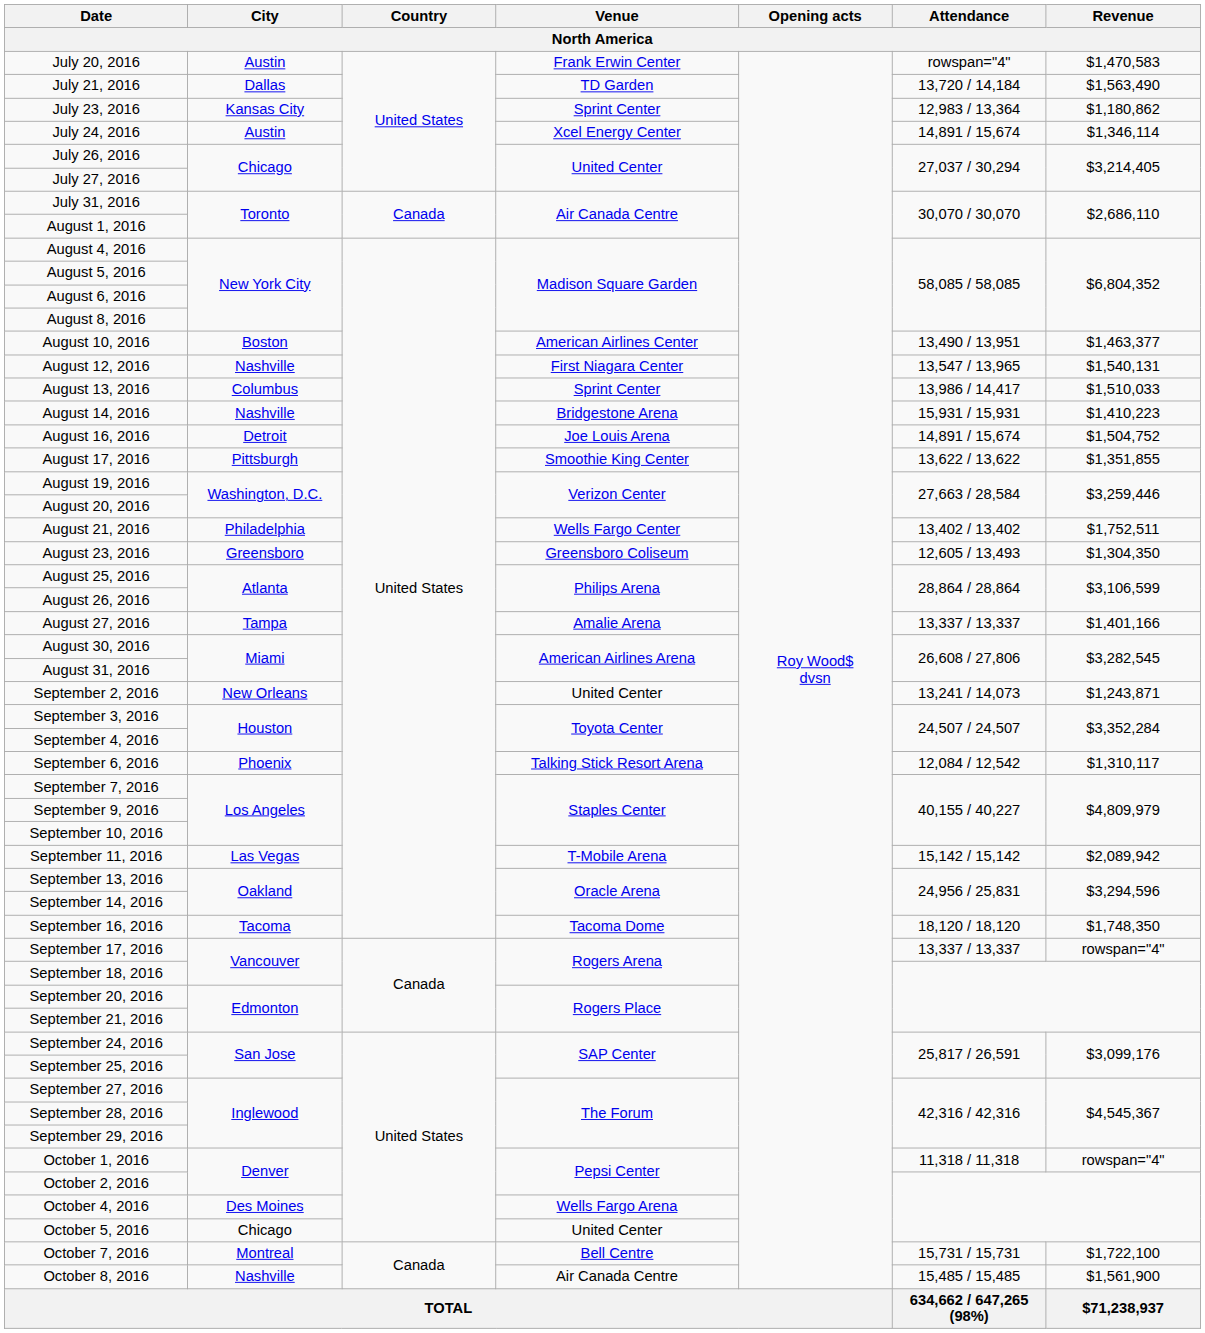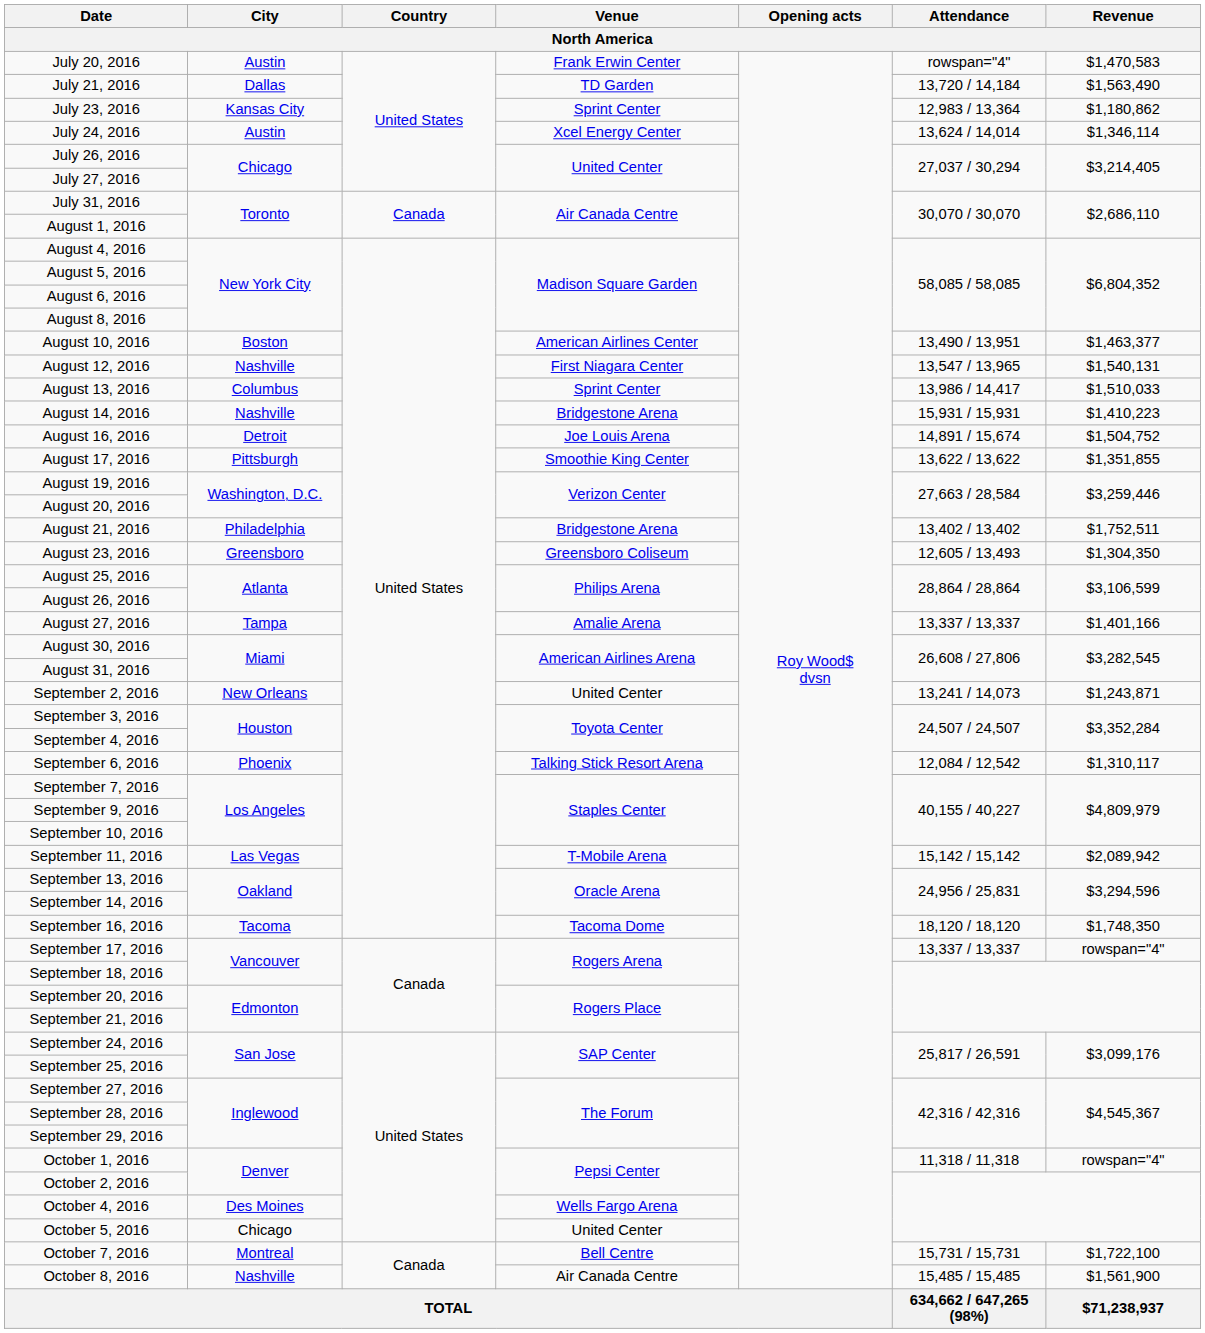 <table class="wikitable" style="text-align:center;">
 <tr>
 <th scope="col" style="width:12em;">Date</th>
 <th scope="col" style="width:10em;">City</th>
 <th scope="col" style="width:10em;">Country</th>
 <th scope="col" style="width:16em;">Venue</th>
 <th scope="col" style="width:10em;">Opening acts</th>
 <th scope="col" style="width:10em;">Attendance</th>
 <th scope="col" style="width:10em;">Revenue</th>
 </tr>
 <tr>
 <th colspan="7" style="text-align:center;"><strong>North America</strong></th>
 </tr>
 <tr>
 <td>July 20, 2016</td>
 <td><a href='#'>Austin</a></td>
 <td rowspan="6"><a href='#'>United States</a></td>
 <td><a href='#'>Frank Erwin Center</a></td>
 <td rowspan="53"><a href='#'>Roy Wood$</a><br><a href='#'>dvsn</a></td>
 <td>rowspan="4" </td>
 <td>$1,470,583</td>
 </tr>
 <tr>
 <td>July 21, 2016</td>
 <td><a href='#'>Dallas</a></td>
 <td><a href='#'>TD Garden</a></td>
 <td>13,720 / 14,184</td>
 <td>$1,563,490</td>
 </tr>
 <tr>
 <td>July 23, 2016</td>
 <td><a href='#'>Kansas City</a></td>
 <td><a href='#'>Sprint Center</a></td>
 <td>12,983 / 13,364</td>
 <td>$1,180,862</td>
 </tr>
 <tr>
 <td>July 24, 2016</td>
 <td><a href='#'>Austin</a></td>
 <td><a href='#'>Xcel Energy Center</a></td>
-<td>14,891 / 15,674</td>
+<td>13,624 / 14,014</td>
 <td>$1,346,114</td>
 </tr>
 <tr>
 <td>July 26, 2016</td>
 <td rowspan="2"><a href='#'>Chicago</a></td>
 <td rowspan="2"><a href='#'>United Center</a></td>
 <td rowspan="2">27,037 / 30,294</td>
 <td rowspan="2">$3,214,405</td>
 </tr>
 <tr>
 <td>July 27, 2016</td>
 </tr>
 <tr>
 <td>July 31, 2016</td>
 <td rowspan="2"><a href='#'>Toronto</a></td>
 <td rowspan="2"><a href='#'>Canada</a></td>
 <td rowspan="2"><a href='#'>Air Canada Centre</a></td>
 <td rowspan="2">30,070 / 30,070</td>
 <td rowspan="2">$2,686,110</td>
 </tr>
 <tr>
 <td>August 1, 2016</td>
 </tr>
 <tr>
 <td>August 4, 2016</td>
 <td rowspan="4"><a href='#'>New York City</a></td>
 <td rowspan="30">United States</td>
 <td rowspan="4"><a href='#'>Madison Square Garden</a></td>
 <td rowspan="4">58,085 / 58,085</td>
 <td rowspan="4">$6,804,352</td>
 </tr>
 <tr>
 <td>August 5, 2016</td>
 </tr>
 <tr>
 <td>August 6, 2016</td>
 </tr>
 <tr>
 <td>August 8, 2016</td>
 </tr>
 <tr>
 <td>August 10, 2016</td>
 <td><a href='#'>Boston</a></td>
 <td><a href='#'>American Airlines Center</a></td>
 <td>13,490 / 13,951</td>
 <td>$1,463,377</td>
 </tr>
 <tr>
 <td>August 12, 2016</td>
 <td><a href='#'>Nashville</a></td>
 <td><a href='#'>First Niagara Center</a></td>
 <td>13,547 / 13,965</td>
 <td>$1,540,131</td>
 </tr>
 <tr>
 <td>August 13, 2016</td>
 <td><a href='#'>Columbus</a></td>
 <td><a href='#'>Sprint Center</a></td>
 <td>13,986 / 14,417</td>
 <td>$1,510,033</td>
 </tr>
 <tr>
 <td>August 14, 2016</td>
 <td><a href='#'>Nashville</a></td>
 <td><a href='#'>Bridgestone Arena</a></td>
 <td>15,931 / 15,931</td>
 <td>$1,410,223</td>
 </tr>
 <tr>
 <td>August 16, 2016</td>
 <td><a href='#'>Detroit</a></td>
 <td><a href='#'>Joe Louis Arena</a></td>
 <td>14,891 / 15,674</td>
 <td>$1,504,752</td>
 </tr>
 <tr>
 <td>August 17, 2016</td>
 <td><a href='#'>Pittsburgh</a></td>
 <td><a href='#'>Smoothie King Center</a></td>
 <td>13,622 / 13,622</td>
 <td>$1,351,855</td>
 </tr>
 <tr>
 <td>August 19, 2016</td>
 <td rowspan="2"><a href='#'>Washington, D.C.</a></td>
 <td rowspan="2"><a href='#'>Verizon Center</a></td>
 <td rowspan="2">27,663 / 28,584</td>
 <td rowspan="2">$3,259,446</td>
 </tr>
 <tr>
 <td>August 20, 2016</td>
 </tr>
 <tr>
 <td>August 21, 2016</td>
 <td><a href='#'>Philadelphia</a></td>
-<td><a href='#'>Wells Fargo Center</a></td>
+<td><a href='#'>Bridgestone Arena</a></td>
 <td>13,402 / 13,402</td>
 <td>$1,752,511</td>
 </tr>
 <tr>
 <td>August 23, 2016</td>
 <td><a href='#'>Greensboro</a></td>
 <td><a href='#'>Greensboro Coliseum</a></td>
 <td>12,605 / 13,493</td>
 <td>$1,304,350</td>
 </tr>
 <tr>
 <td>August 25, 2016</td>
 <td rowspan="2"><a href='#'>Atlanta</a></td>
 <td rowspan="2"><a href='#'>Philips Arena</a></td>
 <td rowspan="2">28,864 / 28,864</td>
 <td rowspan="2">$3,106,599</td>
 </tr>
 <tr>
 <td>August 26, 2016</td>
 </tr>
 <tr>
 <td>August 27, 2016</td>
 <td><a href='#'>Tampa</a></td>
 <td><a href='#'>Amalie Arena</a></td>
 <td>13,337 / 13,337</td>
 <td>$1,401,166</td>
 </tr>
 <tr>
 <td>August 30, 2016</td>
 <td rowspan="2"><a href='#'>Miami</a></td>
 <td rowspan="2"><a href='#'>American Airlines Arena</a></td>
 <td rowspan="2">26,608 / 27,806</td>
 <td rowspan="2">$3,282,545</td>
 </tr>
 <tr>
 <td>August 31, 2016</td>
 </tr>
 <tr>
 <td>September 2, 2016</td>
 <td><a href='#'>New Orleans</a></td>
 <td>United Center</td>
 <td>13,241 / 14,073</td>
 <td>$1,243,871</td>
 </tr>
 <tr>
 <td>September 3, 2016</td>
 <td rowspan="2"><a href='#'>Houston</a></td>
 <td rowspan="2"><a href='#'>Toyota Center</a></td>
 <td rowspan="2">24,507 / 24,507</td>
 <td rowspan="2">$3,352,284</td>
 </tr>
 <tr>
 <td>September 4, 2016</td>
 </tr>
 <tr>
 <td>September 6, 2016</td>
 <td><a href='#'>Phoenix</a></td>
 <td><a href='#'>Talking Stick Resort Arena</a></td>
 <td>12,084 / 12,542</td>
 <td>$1,310,117</td>
 </tr>
 <tr>
 <td>September 7, 2016</td>
 <td rowspan="3"><a href='#'>Los Angeles</a></td>
 <td rowspan="3"><a href='#'>Staples Center</a></td>
 <td rowspan="3">40,155 / 40,227</td>
 <td rowspan="3">$4,809,979</td>
 </tr>
 <tr>
 <td>September 9, 2016</td>
 </tr>
 <tr>
 <td>September 10, 2016</td>
 </tr>
 <tr>
 <td>September 11, 2016</td>
 <td><a href='#'>Las Vegas</a></td>
 <td><a href='#'>T-Mobile Arena</a></td>
 <td>15,142 / 15,142</td>
 <td>$2,089,942</td>
 </tr>
 <tr>
 <td>September 13, 2016</td>
 <td rowspan="2"><a href='#'>Oakland</a></td>
 <td rowspan="2"><a href='#'>Oracle Arena</a></td>
 <td rowspan="2">24,956 / 25,831</td>
 <td rowspan="2">$3,294,596</td>
 </tr>
 <tr>
 <td>September 14, 2016</td>
 </tr>
 <tr>
 <td>September 16, 2016</td>
 <td><a href='#'>Tacoma</a></td>
 <td><a href='#'>Tacoma Dome</a></td>
 <td>18,120 / 18,120</td>
 <td>$1,748,350</td>
 </tr>
 <tr>
 <td>September 17, 2016</td>
 <td rowspan="2"><a href='#'>Vancouver</a></td>
 <td rowspan="4">Canada</td>
 <td rowspan="2"><a href='#'>Rogers Arena</a></td>
 <td>13,337 / 13,337</td>
 <td>rowspan="4" </td>
 </tr>
 <tr>
 <td>September 18, 2016</td>
 </tr>
 <tr>
 <td>September 20, 2016</td>
 <td rowspan="2"><a href='#'>Edmonton</a></td>
 <td rowspan="2"><a href='#'>Rogers Place</a></td>
 </tr>
 <tr>
 <td>September 21, 2016</td>
 </tr>
 <tr>
 <td>September 24, 2016</td>
 <td rowspan="2"><a href='#'>San Jose</a></td>
 <td rowspan="9">United States</td>
 <td rowspan="2"><a href='#'>SAP Center</a></td>
 <td rowspan="2">25,817 / 26,591</td>
 <td rowspan="2">$3,099,176</td>
 </tr>
 <tr>
 <td>September 25, 2016</td>
 </tr>
 <tr>
 <td>September 27, 2016</td>
 <td rowspan="3"><a href='#'>Inglewood</a></td>
 <td rowspan="3"><a href='#'>The Forum</a></td>
 <td rowspan="3">42,316 / 42,316</td>
 <td rowspan="3">$4,545,367</td>
 </tr>
 <tr>
 <td>September 28, 2016</td>
 </tr>
 <tr>
 <td>September 29, 2016</td>
 </tr>
 <tr>
 <td>October 1, 2016</td>
 <td rowspan="2"><a href='#'>Denver</a></td>
 <td rowspan="2"><a href='#'>Pepsi Center</a></td>
 <td>11,318 / 11,318</td>
 <td>rowspan="4" </td>
 </tr>
 <tr>
 <td>October 2, 2016</td>
 </tr>
 <tr>
 <td>October 4, 2016</td>
 <td><a href='#'>Des Moines</a></td>
 <td><a href='#'>Wells Fargo Arena</a></td>
 </tr>
 <tr>
 <td>October 5, 2016</td>
 <td>Chicago</td>
 <td>United Center</td>
 </tr>
 <tr>
 <td>October 7, 2016</td>
 <td><a href='#'>Montreal</a></td>
 <td rowspan="2">Canada</td>
 <td><a href='#'>Bell Centre</a></td>
 <td>15,731 / 15,731</td>
 <td>$1,722,100</td>
 </tr>
 <tr>
 <td>October 8, 2016</td>
 <td><a href='#'>Nashville</a></td>
 <td>Air Canada Centre</td>
 <td>15,485 / 15,485</td>
 <td>$1,561,900</td>
 </tr>
 <tr>
 <th colspan="5">TOTAL</th>
 <th>634,662 / 647,265 (98%)</th>
 <th>$71,238,937</th>
 </tr>
 </table>
